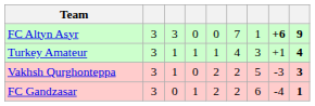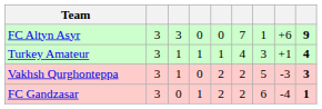 <table class="wikitable" style="text-align: center;">
 <tr>
 <th width="175">Team</th>
 <th width="20"></th>
 <th width="20"></th>
 <th width="20"></th>
 <th width="20"></th>
 <th width="20"></th>
 <th width="20"></th>
 <th width="20"></th>
 <th width="20"></th>
 </tr>
 <tr bgcolor="#ccffcc">
 <td align=left> <a href='#'>FC Altyn Asyr</a></td>
 <td>3</td>
 <td>3</td>
 <td>0</td>
 <td>0</td>
 <td>7</td>
 <td>1</td>
-<td><strong>+6</strong></td>
+<td>+6</td>
 <td><strong>9</strong></td>
 </tr>
 <tr bgcolor="#ccffcc">
 <td align=left> <a href='#'>Turkey Amateur</a></td>
 <td>3</td>
 <td>1</td>
 <td>1</td>
 <td>1</td>
 <td>4</td>
 <td>3</td>
 <td>+1</td>
 <td><strong>4</strong></td>
 </tr>
 <tr bgcolor=#ffcccc>
 <td align=left> <a href='#'>Vakhsh Qurghonteppa</a></td>
 <td>3</td>
 <td>1</td>
 <td>0</td>
 <td>2</td>
 <td>2</td>
 <td>5</td>
 <td>-3</td>
 <td><strong>3</strong></td>
 </tr>
 <tr bgcolor=#ffcccc>
 <td align=left> <a href='#'>FC Gandzasar</a></td>
 <td>3</td>
 <td>0</td>
 <td>1</td>
 <td>2</td>
 <td>2</td>
 <td>6</td>
 <td>-4</td>
 <td><strong>1</strong></td>
 </tr>
 </table>
